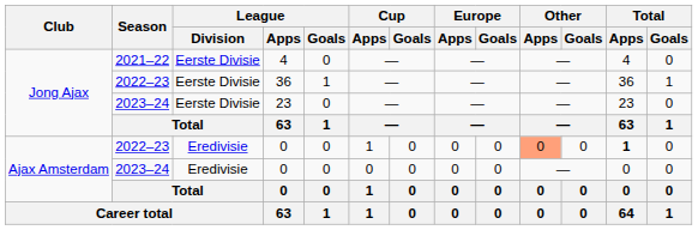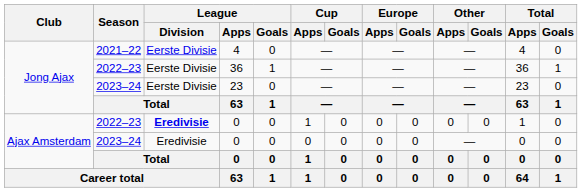 <table class="wikitable" style="text-align:center">
 <tr>
 <th rowspan="2">Club</th>
 <th rowspan="2">Season</th>
 <th colspan="3">League</th>
 <th colspan="2">Cup</th>
 <th colspan="2">Europe</th>
 <th colspan="2">Other</th>
 <th colspan="2">Total</th>
 </tr>
 <tr>
 <th>Division</th>
 <th>Apps</th>
 <th>Goals</th>
 <th>Apps</th>
 <th>Goals</th>
 <th>Apps</th>
 <th>Goals</th>
 <th>Apps</th>
 <th>Goals</th>
 <th>Apps</th>
 <th>Goals</th>
 </tr>
 <tr>
 <td rowspan="4"><a href='#'>Jong Ajax</a></td>
 <td><a href='#'>2021–22</a></td>
 <td><a href='#'>Eerste Divisie</a></td>
 <td>4</td>
 <td>0</td>
 <td colspan="2">—</td>
 <td colspan="2">—</td>
 <td colspan="2">—</td>
 <td>4</td>
 <td>0</td>
 </tr>
 <tr>
 <td><a href='#'>2022–23</a></td>
 <td>Eerste Divisie</td>
 <td>36</td>
 <td>1</td>
 <td colspan="2">—</td>
 <td colspan="2">—</td>
 <td colspan="2">—</td>
 <td>36</td>
 <td>1</td>
 </tr>
 <tr>
 <td><a href='#'>2023–24</a></td>
 <td>Eerste Divisie</td>
 <td>23</td>
 <td>0</td>
 <td colspan="2">—</td>
 <td colspan="2">—</td>
 <td colspan="2">—</td>
 <td>23</td>
 <td>0</td>
 </tr>
 <tr>
 <th colspan="2">Total</th>
 <th>63</th>
 <th>1</th>
 <th colspan="2">—</th>
 <th colspan="2">—</th>
 <th colspan="2">—</th>
 <th>63</th>
 <th>1</th>
 </tr>
 <tr>
 <td rowspan="3"><a href='#'>Ajax Amsterdam</a></td>
 <td><a href='#'>2022–23</a></td>
-<td><a href='#'>Eredivisie</a></td>
+<td><strong><a href='#'>Eredivisie</a></strong></td>
 <td>0</td>
 <td>0</td>
 <td>1</td>
 <td>0</td>
 <td>0</td>
 <td>0</td>
-<td style="background: lightsalmon;">0</td>
 <td>0</td>
-<td><strong>1</strong></td>
+<td>0</td>
+<td>1</td>
 <td>0</td>
 </tr>
 <tr>
 <td><a href='#'>2023–24</a></td>
 <td>Eredivisie</td>
 <td>0</td>
 <td>0</td>
 <td>0</td>
 <td>0</td>
 <td>0</td>
 <td>0</td>
 <td colspan="2">—</td>
 <td>0</td>
 <td>0</td>
 </tr>
 <tr>
 <th colspan="2">Total</th>
 <th>0</th>
 <th>0</th>
 <th>1</th>
 <th>0</th>
 <th>0</th>
 <th>0</th>
 <th>0</th>
 <th>0</th>
 <th>0</th>
 <th>0</th>
 </tr>
 <tr>
 <th colspan="3">Career total</th>
 <th>63</th>
 <th>1</th>
 <th>1</th>
 <th>0</th>
 <th>0</th>
 <th>0</th>
 <th>0</th>
 <th>0</th>
 <th>64</th>
 <th>1</th>
 </tr>
 </table>
